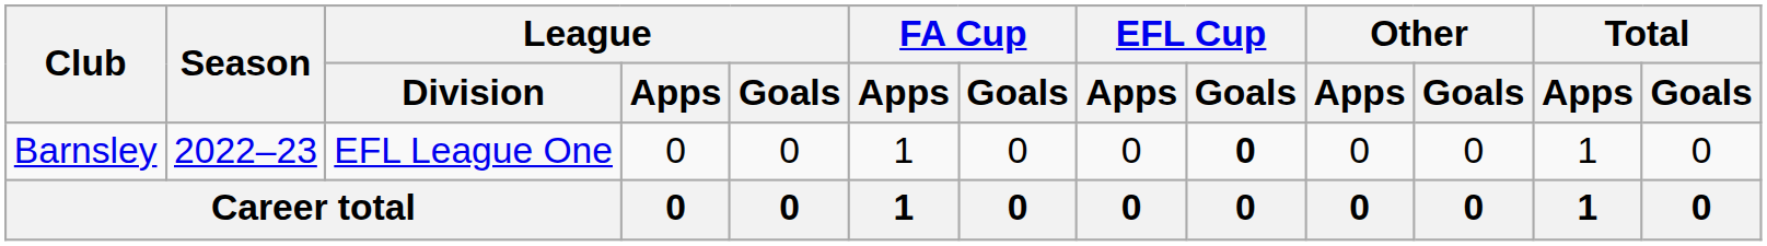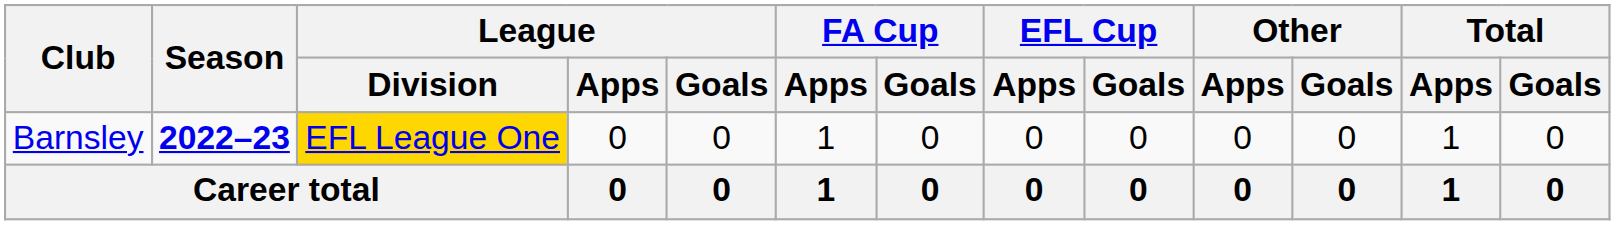 <table class="wikitable" style="text-align:center;">
 <tr>
 <th rowspan="2">Club</th>
 <th rowspan="2">Season</th>
 <th colspan="3">League</th>
 <th colspan="2"><a href='#'>FA Cup</a></th>
 <th colspan="2"><a href='#'>EFL Cup</a></th>
 <th colspan="2">Other</th>
 <th colspan="2">Total</th>
 </tr>
 <tr>
 <th>Division</th>
 <th>Apps</th>
 <th>Goals</th>
 <th>Apps</th>
 <th>Goals</th>
 <th>Apps</th>
 <th>Goals</th>
 <th>Apps</th>
 <th>Goals</th>
 <th>Apps</th>
 <th>Goals</th>
 </tr>
 <tr>
 <td><a href='#'>Barnsley</a></td>
-<td><a href='#'>2022–23</a></td>
-<td><a href='#'>EFL League One</a></td>
+<td><strong><a href='#'>2022–23</a></strong></td>
+<td style="background: gold;"><a href='#'>EFL League One</a></td>
 <td>0</td>
 <td>0</td>
 <td>1</td>
 <td>0</td>
 <td>0</td>
-<td><strong>0</strong></td>
+<td>0</td>
 <td>0</td>
 <td>0</td>
 <td>1</td>
 <td>0</td>
 </tr>
 <tr>
 <th colspan="3">Career total</th>
 <th>0</th>
 <th>0</th>
 <th>1</th>
 <th>0</th>
 <th>0</th>
 <th>0</th>
 <th>0</th>
 <th>0</th>
 <th>1</th>
 <th>0</th>
 </tr>
 </table>
